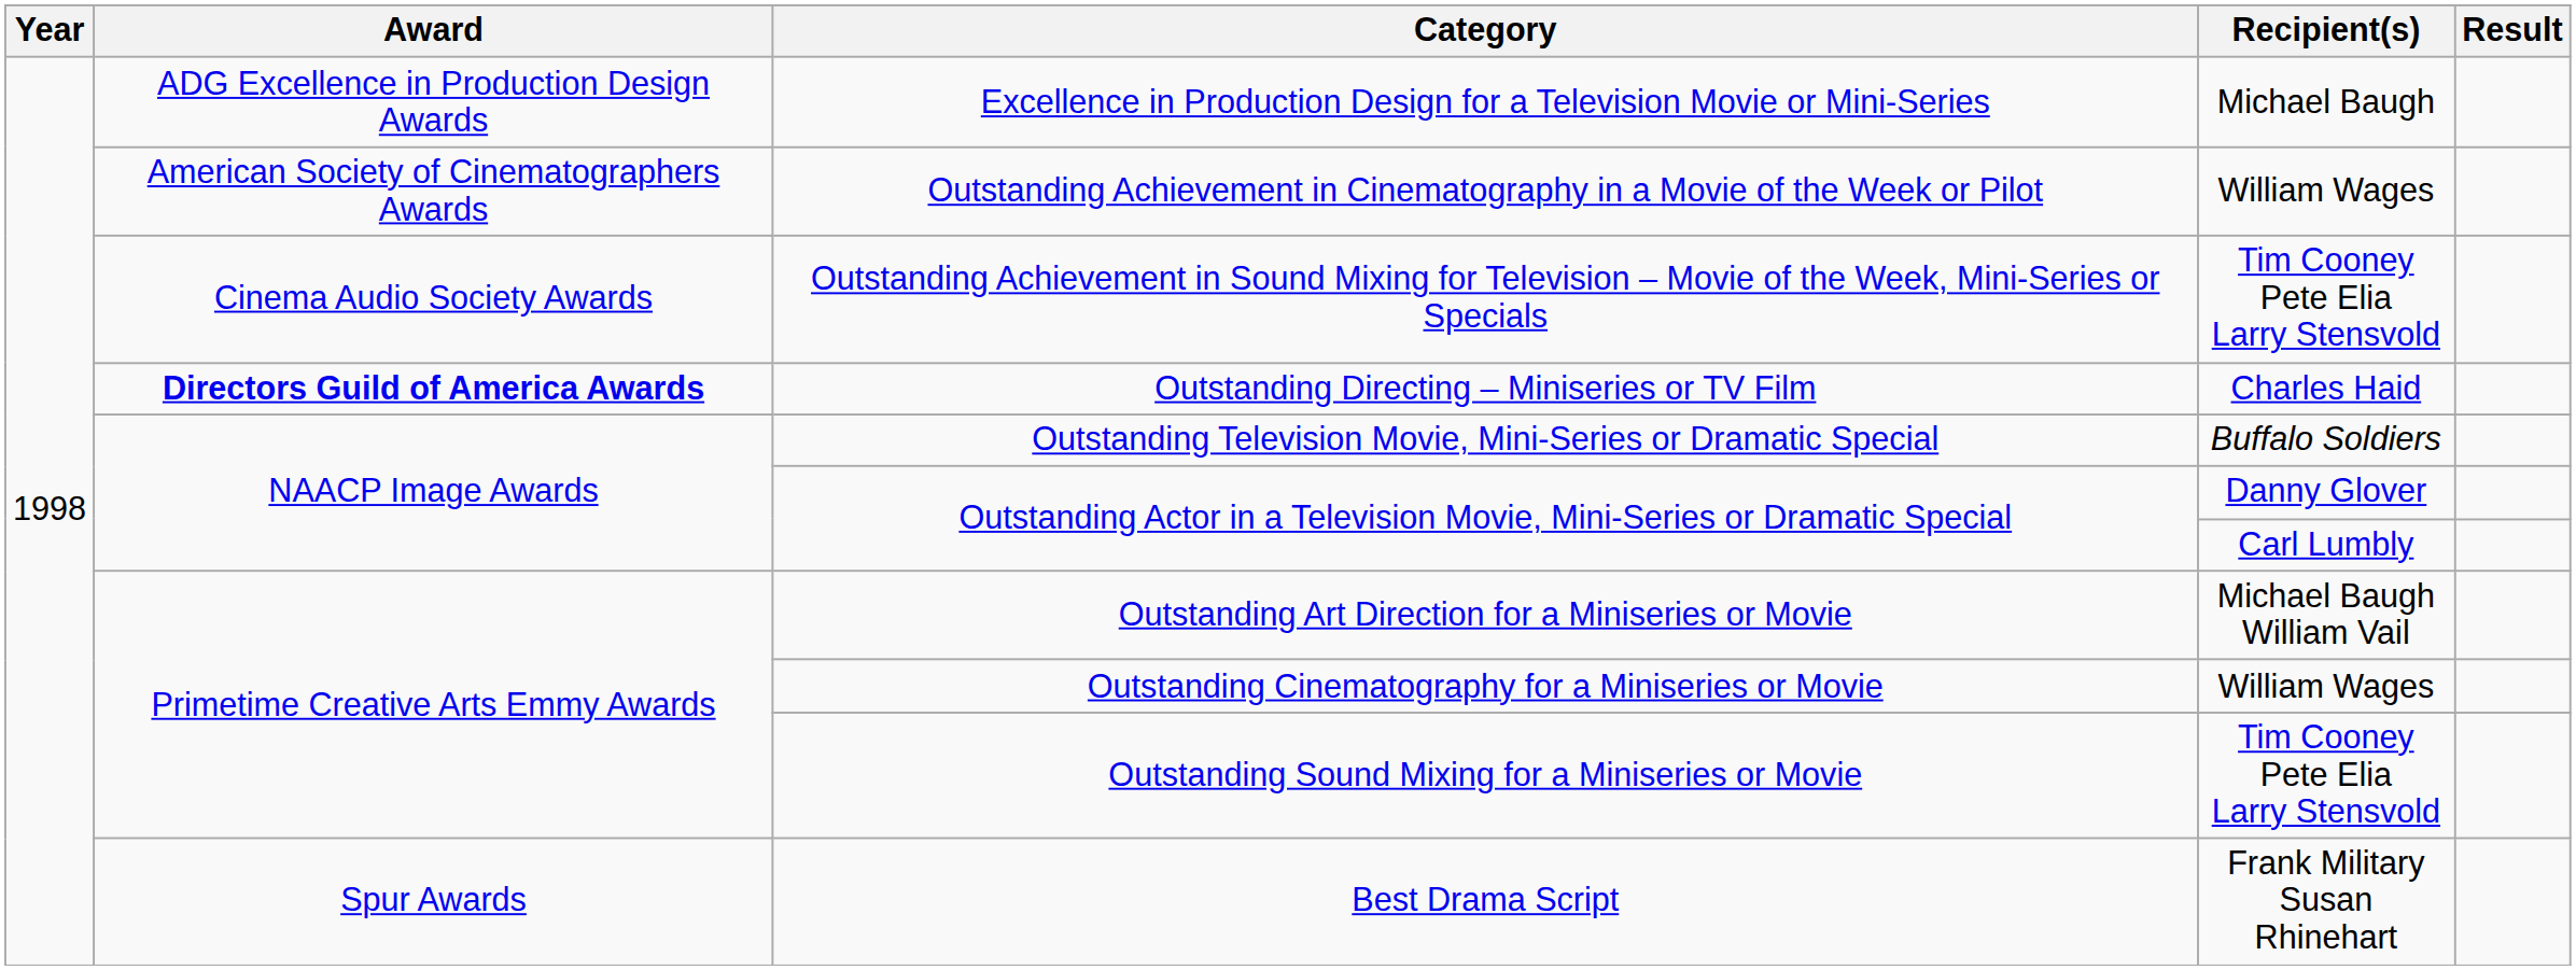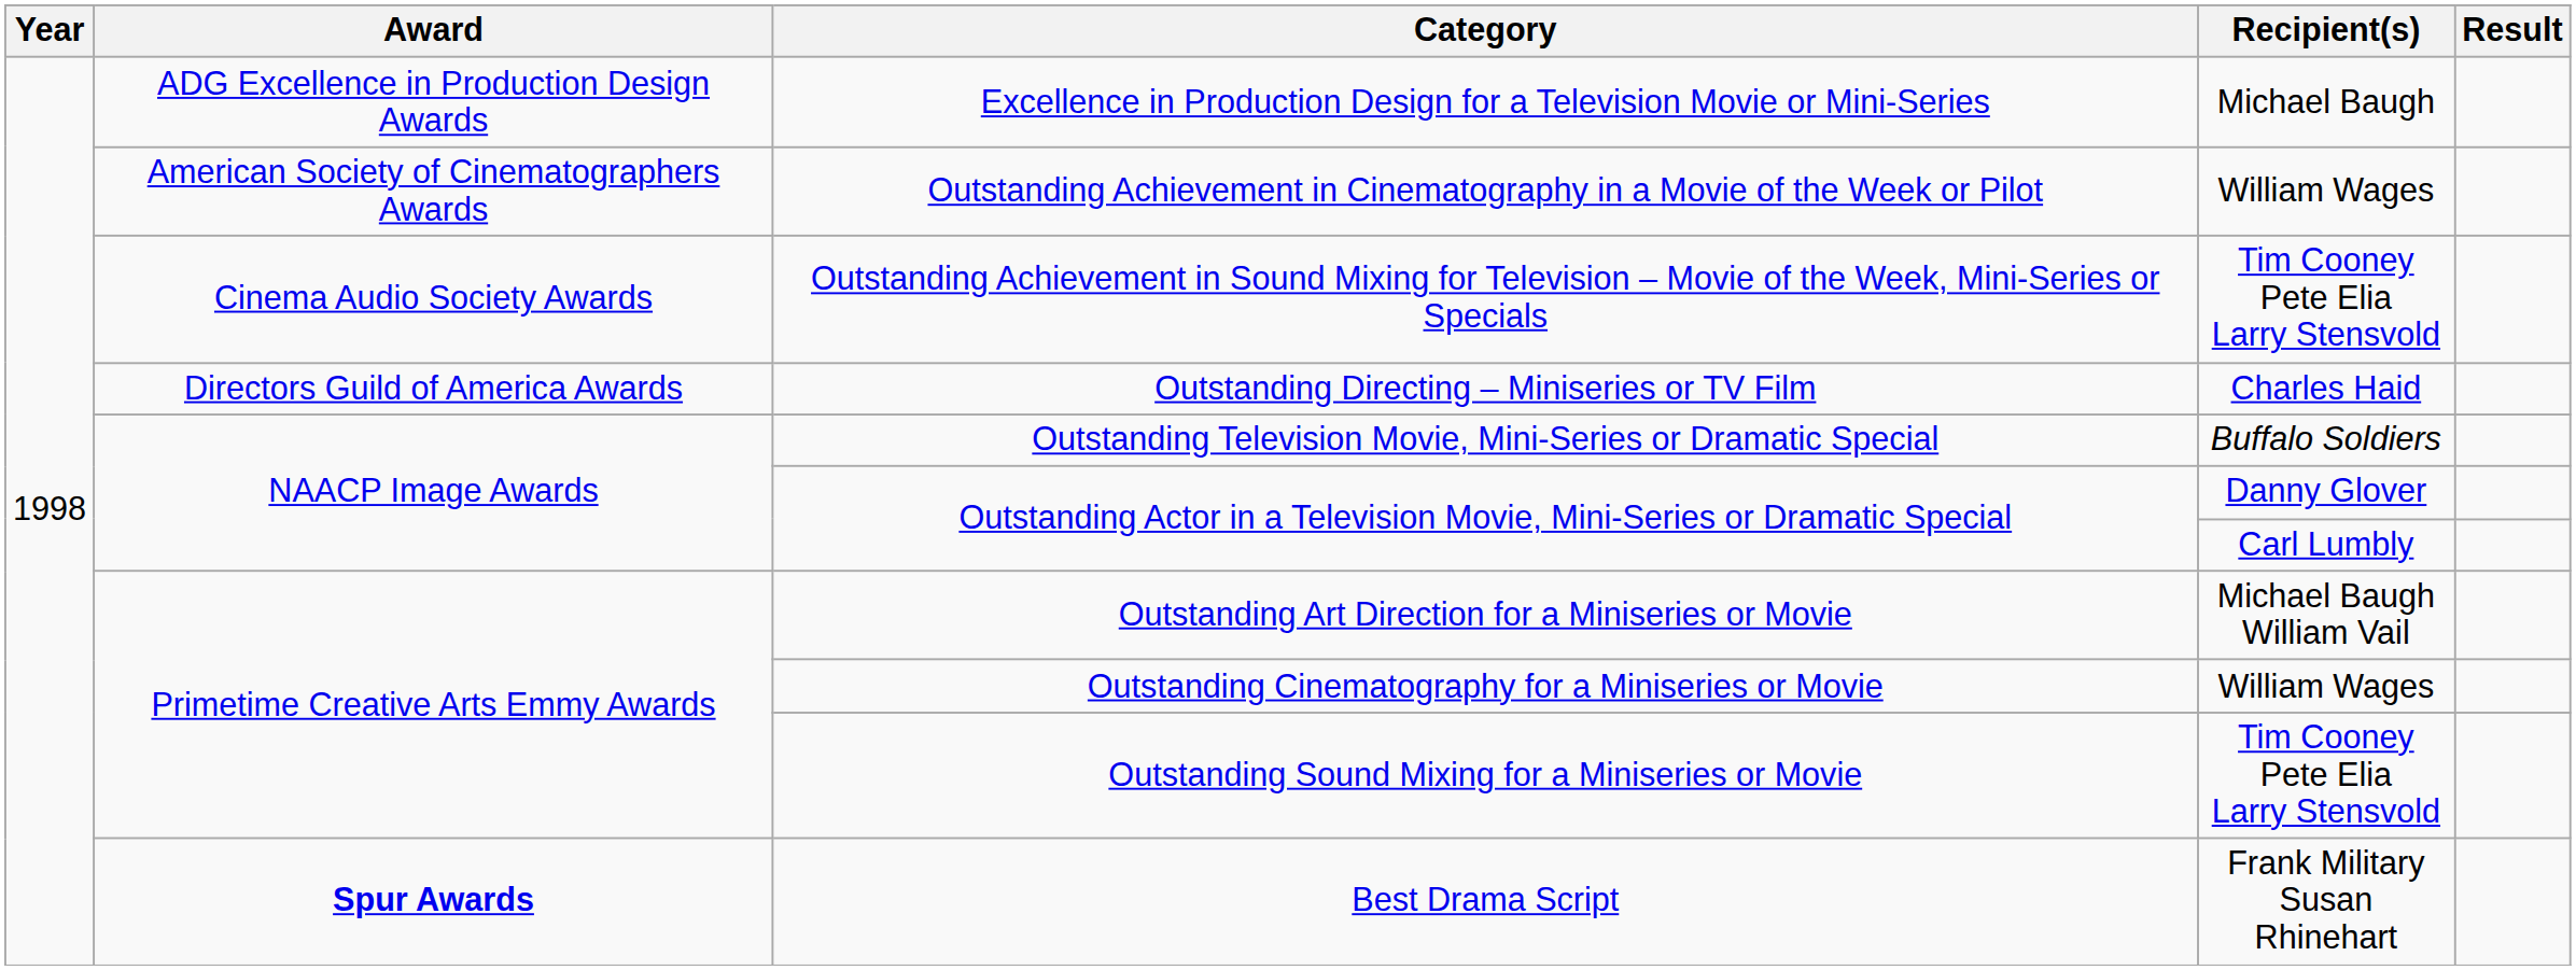 <table class="wikitable sortable plainrowheaders" style="text-align:center;">
 <tr>
 <th>Year</th>
 <th>Award</th>
 <th>Category</th>
 <th>Recipient(s)</th>
 <th>Result</th>
 </tr>
 <tr>
 <td rowspan="11">1998</td>
 <td><a href='#'>ADG Excellence in Production Design Awards</a></td>
 <td><a href='#'>Excellence in Production Design for a Television Movie or Mini-Series</a></td>
 <td>Michael Baugh</td>
 <td></td>
 </tr>
 <tr>
 <td><a href='#'>American Society of Cinematographers Awards</a></td>
 <td><a href='#'>Outstanding Achievement in Cinematography in a Movie of the Week or Pilot</a></td>
 <td>William Wages</td>
 <td></td>
 </tr>
 <tr>
 <td><a href='#'>Cinema Audio Society Awards</a></td>
 <td><a href='#'>Outstanding Achievement in Sound Mixing for Television – Movie of the Week, Mini-Series or Specials</a></td>
 <td><a href='#'>Tim Cooney</a><br>Pete Elia<br><a href='#'>Larry Stensvold</a></td>
 <td></td>
 </tr>
 <tr>
-<td><strong><a href='#'>Directors Guild of America Awards</a></strong></td>
+<td><a href='#'>Directors Guild of America Awards</a></td>
 <td><a href='#'>Outstanding Directing – Miniseries or TV Film</a></td>
 <td><a href='#'>Charles Haid</a></td>
 <td></td>
 </tr>
 <tr>
 <td rowspan="3"><a href='#'>NAACP Image Awards</a></td>
 <td><a href='#'>Outstanding Television Movie, Mini-Series or Dramatic Special</a></td>
 <td><em>Buffalo Soldiers</em></td>
 <td></td>
 </tr>
 <tr>
 <td rowspan="2"><a href='#'>Outstanding Actor in a Television Movie, Mini-Series or Dramatic Special</a></td>
 <td><a href='#'>Danny Glover</a></td>
 <td></td>
 </tr>
 <tr>
 <td><a href='#'>Carl Lumbly</a></td>
 <td></td>
 </tr>
 <tr>
 <td rowspan="3"><a href='#'>Primetime Creative Arts Emmy Awards</a></td>
 <td><a href='#'>Outstanding Art Direction for a Miniseries or Movie</a></td>
 <td>Michael Baugh<br>William Vail</td>
 <td></td>
 </tr>
 <tr>
 <td><a href='#'>Outstanding Cinematography for a Miniseries or Movie</a></td>
 <td>William Wages</td>
 <td></td>
 </tr>
 <tr>
 <td><a href='#'>Outstanding Sound Mixing for a Miniseries or Movie</a></td>
 <td><a href='#'>Tim Cooney</a><br>Pete Elia<br><a href='#'>Larry Stensvold</a></td>
 <td></td>
 </tr>
 <tr>
-<td><a href='#'>Spur Awards</a></td>
+<td><strong><a href='#'>Spur Awards</a></strong></td>
 <td><a href='#'>Best Drama Script</a></td>
 <td>Frank Military<br>Susan Rhinehart</td>
 <td></td>
 </tr>
 <tr>
 </tr>
 </table>
